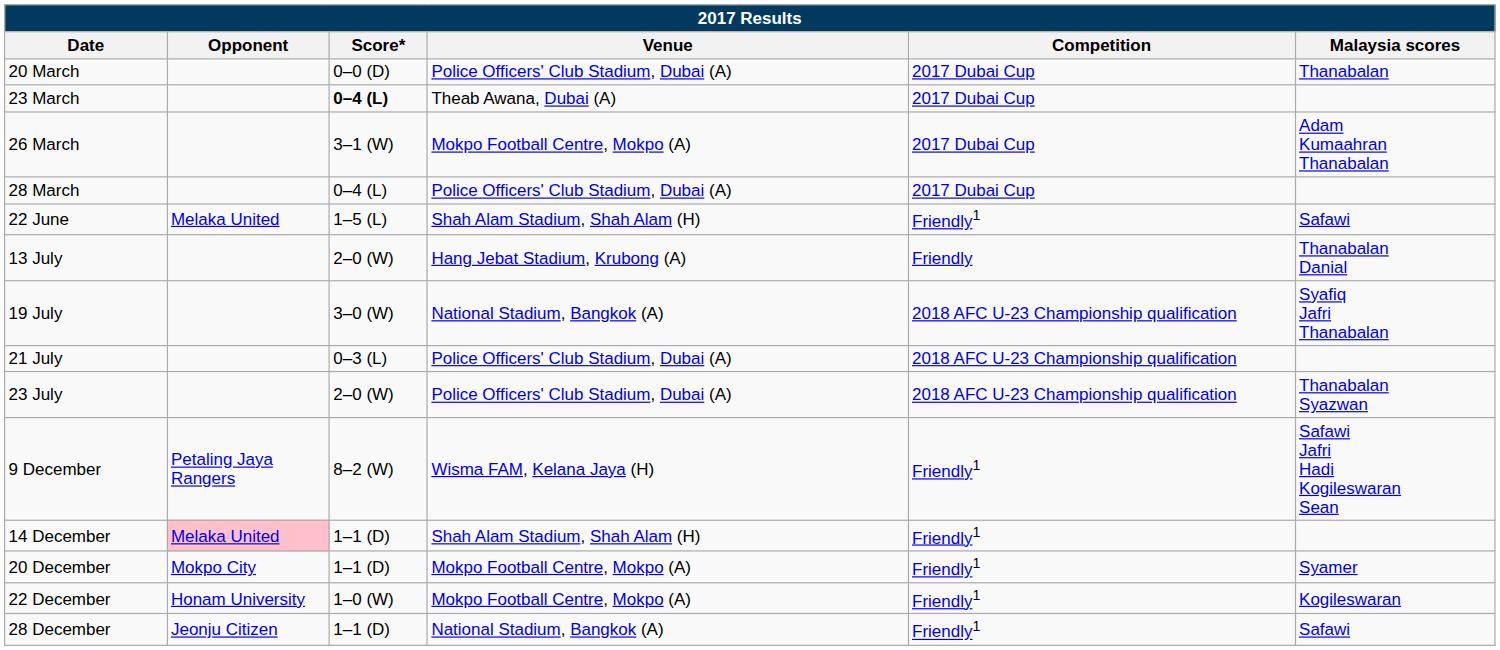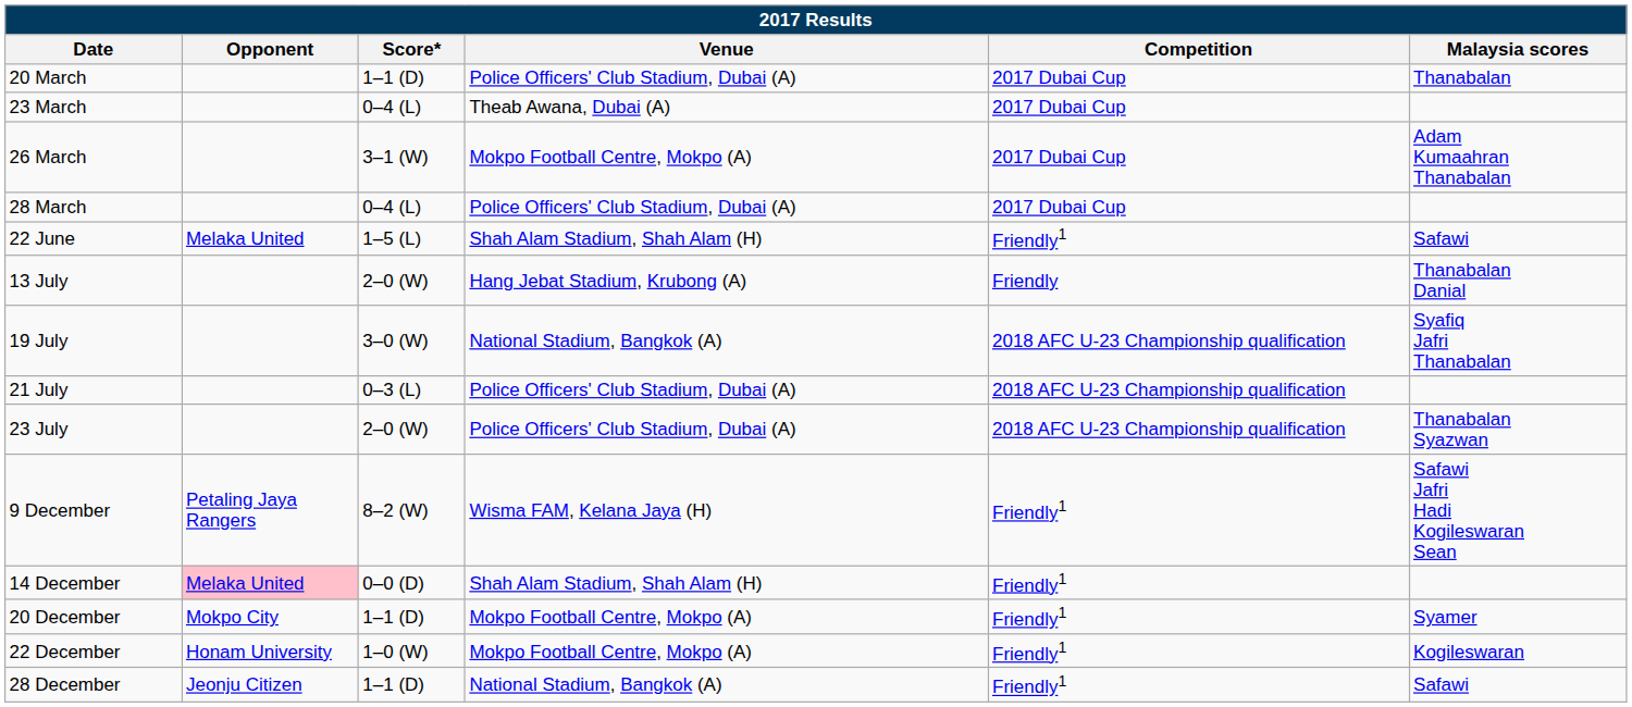 <table class="wikitable" width=100% style="text-align:left;font-size:90%;">
 <tr>
 <th colspan=9 style="background: #013A5E; color: #FFFFFF;">2017 Results</th>
 </tr>
 <tr>
 <th width=80>Date</th>
 <th width=80>Opponent</th>
 <th width=20>Score*</th>
 <th width=250>Venue</th>
 <th width=200>Competition</th>
 <th width=100>Malaysia scores</th>
 </tr>
 <tr>
 <td>20 March</td>
 <td></td>
-<td>0–0 (D)</td>
+<td>1–1 (D)</td>
 <td><a href='#'>Police Officers' Club Stadium</a>, <a href='#'>Dubai</a> (A)</td>
 <td><a href='#'>2017 Dubai Cup</a></td>
 <td><a href='#'>Thanabalan</a> </td>
 </tr>
 <tr>
 <td>23 March</td>
 <td></td>
-<td><strong>0–4 (L)</strong></td>
+<td>0–4 (L)</td>
 <td>Theab Awana, <a href='#'>Dubai</a> (A)</td>
 <td><a href='#'>2017 Dubai Cup</a></td>
 <td></td>
 </tr>
 <tr>
 <td>26 March</td>
 <td></td>
 <td>3–1 (W)</td>
 <td><a href='#'>Mokpo Football Centre</a>, <a href='#'>Mokpo</a> (A)</td>
 <td><a href='#'>2017 Dubai Cup</a></td>
 <td><a href='#'>Adam</a> <br><a href='#'>Kumaahran</a> <br><a href='#'>Thanabalan</a> </td>
 </tr>
 <tr>
 <td>28 March</td>
 <td></td>
 <td>0–4 (L)</td>
 <td><a href='#'>Police Officers' Club Stadium</a>, <a href='#'>Dubai</a> (A)</td>
 <td><a href='#'>2017 Dubai Cup</a></td>
 <td></td>
 </tr>
 <tr>
 <td>22 June</td>
 <td> <a href='#'>Melaka United</a></td>
 <td>1–5 (L)</td>
 <td><a href='#'>Shah Alam Stadium</a>, <a href='#'>Shah Alam</a> (H)</td>
 <td><a href='#'>Friendly</a><sup>1</sup></td>
 <td><a href='#'>Safawi</a> </td>
 </tr>
 <tr>
 <td>13 July</td>
 <td></td>
 <td>2–0 (W)</td>
 <td><a href='#'>Hang Jebat Stadium</a>, <a href='#'>Krubong</a> (A)</td>
 <td><a href='#'>Friendly</a></td>
 <td><a href='#'>Thanabalan</a> <br><a href='#'>Danial</a> </td>
 </tr>
 <tr>
 <td>19 July</td>
 <td></td>
 <td>3–0 (W)</td>
 <td><a href='#'>National Stadium</a>, <a href='#'>Bangkok</a> (A)</td>
 <td><a href='#'>2018 AFC U-23 Championship qualification</a></td>
 <td><a href='#'>Syafiq</a> <br><a href='#'>Jafri</a> <br><a href='#'>Thanabalan</a> </td>
 </tr>
 <tr>
 <td>21 July</td>
 <td></td>
 <td>0–3 (L)</td>
 <td><a href='#'>Police Officers' Club Stadium</a>, <a href='#'>Dubai</a> (A)</td>
 <td><a href='#'>2018 AFC U-23 Championship qualification</a></td>
 <td></td>
 </tr>
 <tr>
 <td>23 July</td>
 <td></td>
 <td>2–0 (W)</td>
 <td><a href='#'>Police Officers' Club Stadium</a>, <a href='#'>Dubai</a> (A)</td>
 <td><a href='#'>2018 AFC U-23 Championship qualification</a></td>
 <td><a href='#'>Thanabalan</a> <br><a href='#'>Syazwan</a> </td>
 </tr>
 <tr>
 <td>9 December</td>
 <td> <a href='#'>Petaling Jaya Rangers</a></td>
 <td>8–2 (W)</td>
 <td><a href='#'>Wisma FAM</a>, <a href='#'>Kelana Jaya</a> (H)</td>
 <td><a href='#'>Friendly</a><sup>1</sup></td>
 <td><a href='#'>Safawi</a> <br><a href='#'>Jafri</a> <br><a href='#'>Hadi</a> <br><a href='#'>Kogileswaran</a> <br><a href='#'>Sean</a> </td>
 </tr>
 <tr>
 <td>14 December</td>
 <td style="background: pink;"> <a href='#'>Melaka United</a></td>
-<td>1–1 (D)</td>
+<td>0–0 (D)</td>
 <td><a href='#'>Shah Alam Stadium</a>, <a href='#'>Shah Alam</a> (H)</td>
 <td><a href='#'>Friendly</a><sup>1</sup></td>
 <td></td>
 </tr>
 <tr>
 <td>20 December</td>
 <td> <a href='#'>Mokpo City</a></td>
 <td>1–1 (D)</td>
 <td><a href='#'>Mokpo Football Centre</a>, <a href='#'>Mokpo</a> (A)</td>
 <td><a href='#'>Friendly</a><sup>1</sup></td>
 <td><a href='#'>Syamer</a> </td>
 </tr>
 <tr>
 <td>22 December</td>
 <td> <a href='#'>Honam University</a></td>
 <td>1–0 (W)</td>
 <td><a href='#'>Mokpo Football Centre</a>, <a href='#'>Mokpo</a> (A)</td>
 <td><a href='#'>Friendly</a><sup>1</sup></td>
 <td><a href='#'>Kogileswaran</a> </td>
 </tr>
 <tr>
 <td>28 December</td>
 <td> <a href='#'>Jeonju Citizen</a></td>
 <td>1–1 (D)</td>
 <td><a href='#'>National Stadium</a>, <a href='#'>Bangkok</a> (A)</td>
 <td><a href='#'>Friendly</a><sup>1</sup></td>
 <td><a href='#'>Safawi</a> </td>
 </tr>
 </table>
